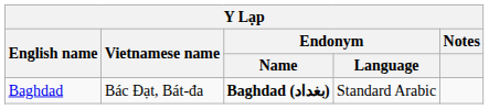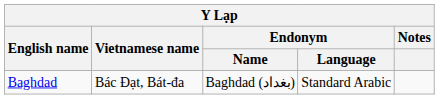 <table class="wikitable sortable">
 <tr>
 <th colspan="5"> Y Lạp</th>
 </tr>
 <tr>
 <th rowspan="2">English name</th>
 <th rowspan="2">Vietnamese name</th>
 <th colspan="2">Endonym</th>
 <th>Notes</th>
 </tr>
 <tr>
 <th>Name</th>
 <th>Language</th>
 <th></th>
 </tr>
 <tr>
 <td><a href='#'>Baghdad</a></td>
 <td>Bác Đạt, Bát-đa</td>
-<td><strong>Baghdad (بغداد‎)</strong></td>
+<td>Baghdad (بغداد‎)</td>
 <td>Standard Arabic</td>
 </tr>
 </table>
